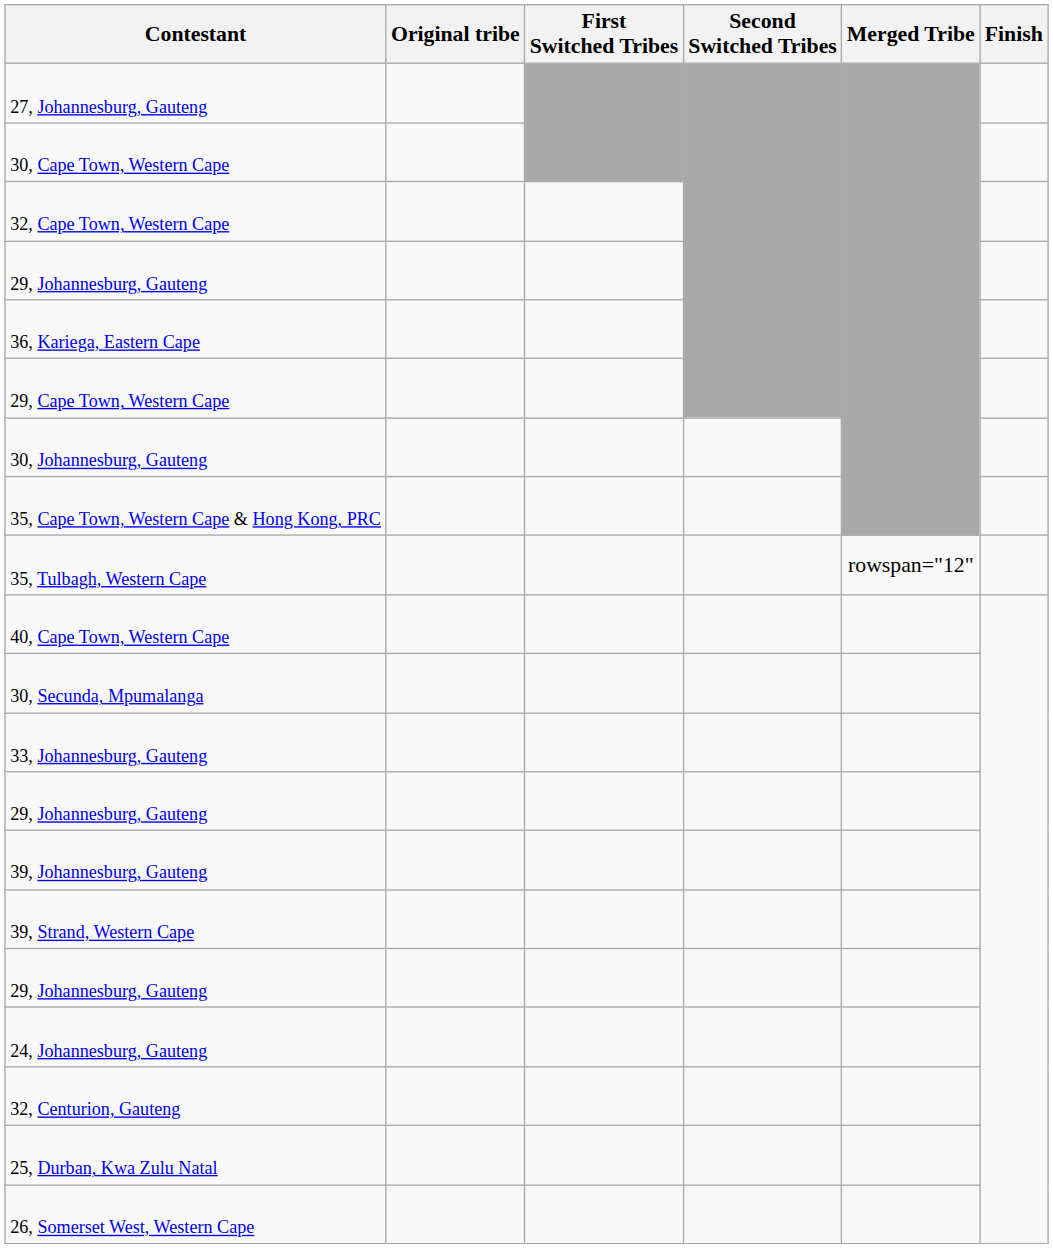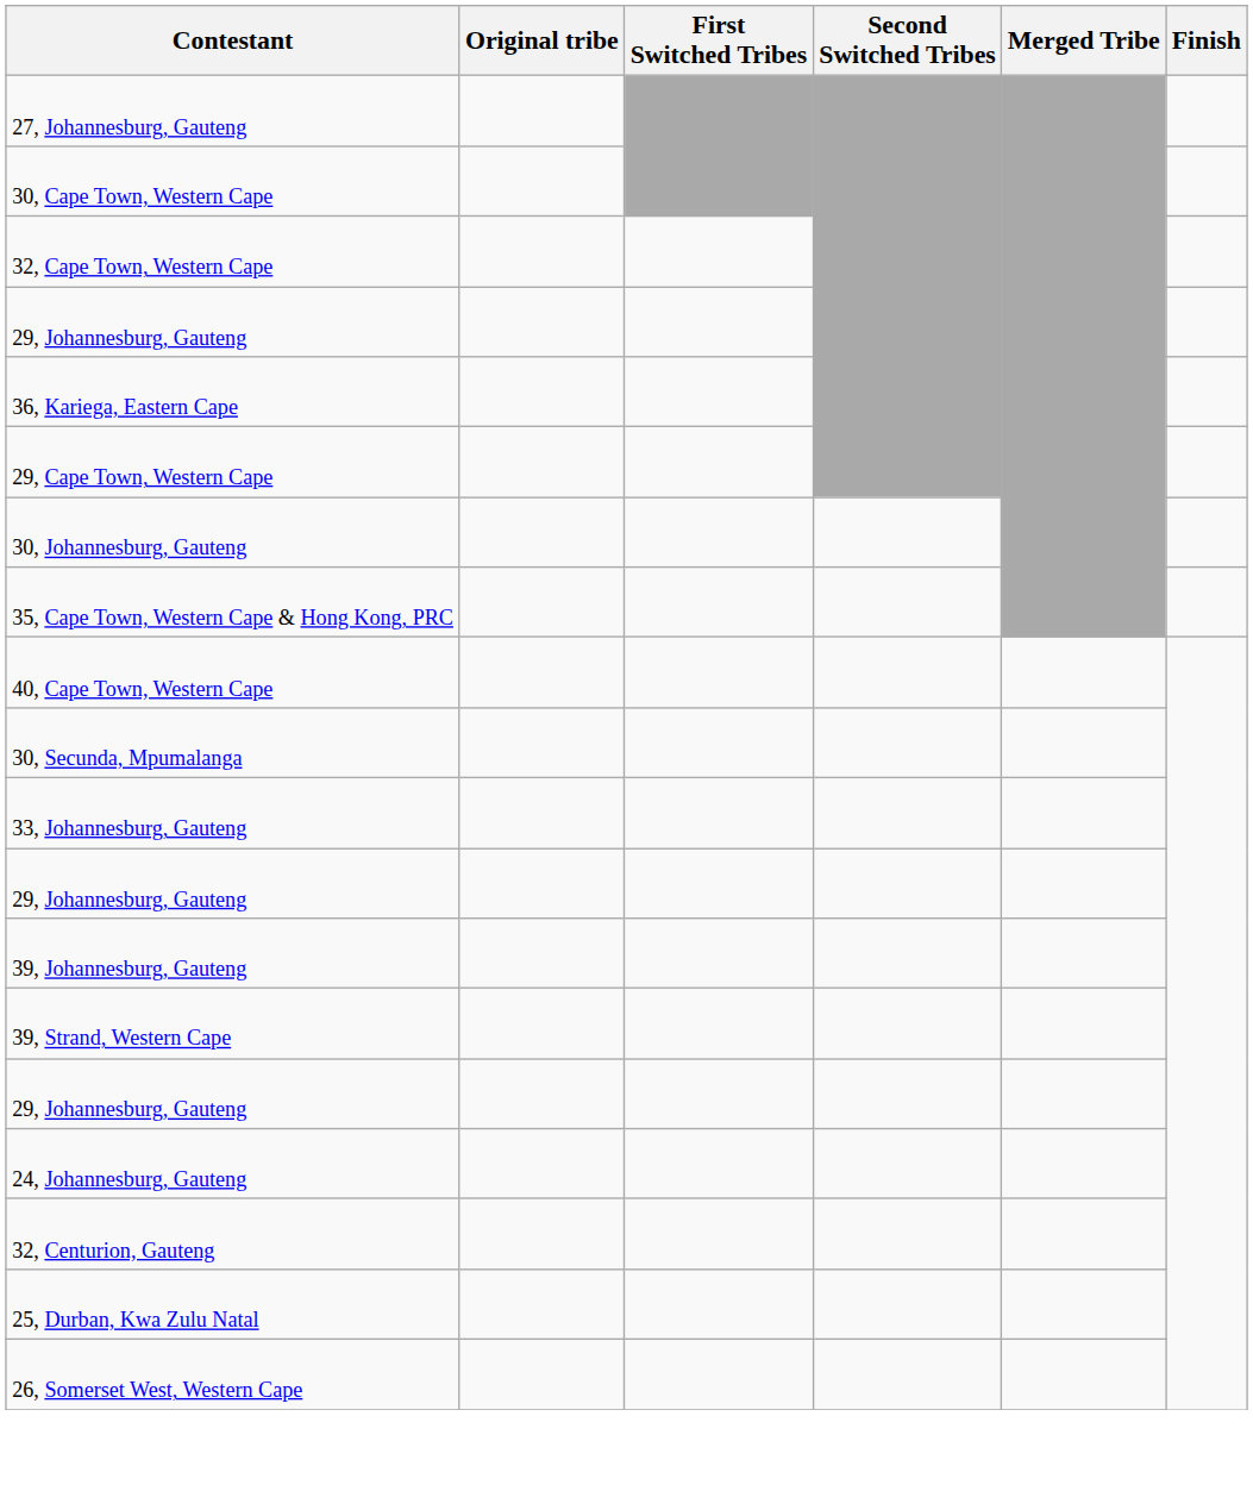 <table class="wikitable sortable nowrap" style="margin:auto; text-align:center">
 <tr>
 <th>Contestant</th>
 <th>Original tribe</th>
 <th>First<br>Switched Tribes</th>
 <th>Second<br>Switched Tribes</th>
 <th>Merged Tribe</th>
 <th>Finish</th>
 </tr>
 <tr>
 <td align="left"><strong></strong><br><small>27, <a href='#'>Johannesburg, Gauteng</a></small></td>
 <td></td>
 <td rowspan="2" bgcolor="darkgray"></td>
 <td rowspan="6" bgcolor="darkgray"></td>
 <td rowspan="8" bgcolor="darkgray"></td>
 <td></td>
 </tr>
 <tr>
 <td align="left"><strong></strong><br><small>30, <a href='#'>Cape Town, Western Cape</a></small></td>
 <td></td>
 <td></td>
 </tr>
 <tr>
 <td align="left"><strong></strong><br><small>32, <a href='#'>Cape Town, Western Cape</a></small></td>
 <td></td>
 <td></td>
 <td></td>
 </tr>
 <tr>
 <td align="left"><strong></strong><br><small>29, <a href='#'>Johannesburg, Gauteng</a></small></td>
 <td></td>
 <td></td>
 <td></td>
 </tr>
 <tr>
 <td align="left"><strong></strong><br><small>36, <a href='#'>Kariega, Eastern Cape</a></small></td>
 <td></td>
 <td></td>
 <td></td>
 </tr>
 <tr>
 <td align="left"><strong></strong><br><small>29, <a href='#'>Cape Town, Western Cape</a></small></td>
 <td></td>
 <td></td>
 <td></td>
 </tr>
 <tr>
 <td align="left"><strong></strong><br><small>30, <a href='#'>Johannesburg, Gauteng</a></small></td>
 <td></td>
 <td></td>
 <td></td>
 <td></td>
 </tr>
 <tr>
 <td align="left"><strong></strong><br><small>35, <a href='#'>Cape Town, Western Cape</a> & <a href='#'>Hong Kong, PRC</a></small></td>
 <td></td>
 <td></td>
 <td></td>
-<td></td>
-</tr>
-<tr>
-<td align="left"><strong></strong><br><small>35, <a href='#'>Tulbagh, Western Cape</a></small></td>
-<td></td>
-<td></td>
-<td></td>
-<td>rowspan="12" </td>
 <td></td>
 </tr>
 <tr>
 <td align="left"><strong></strong><br><small>40, <a href='#'>Cape Town, Western Cape</a></small></td>
 <td></td>
 <td></td>
 <td></td>
 <td></td>
 </tr>
 <tr>
 <td align="left"><strong></strong><br><small>30, <a href='#'>Secunda, Mpumalanga</a></small></td>
 <td></td>
 <td></td>
 <td></td>
 <td></td>
 </tr>
 <tr>
 <td align="left"><strong></strong><br><small>33, <a href='#'>Johannesburg, Gauteng</a></small></td>
 <td></td>
 <td></td>
 <td></td>
 <td></td>
 </tr>
 <tr>
 <td align="left"><strong></strong><br><small>29, <a href='#'>Johannesburg, Gauteng</a></small></td>
 <td></td>
 <td></td>
 <td></td>
 <td></td>
 </tr>
 <tr>
 <td align="left"><strong></strong><br><small>39, <a href='#'>Johannesburg, Gauteng</a></small></td>
 <td></td>
 <td></td>
 <td></td>
 <td></td>
 </tr>
 <tr>
 <td align="left"><strong></strong><br><small>39, <a href='#'>Strand, Western Cape</a></small></td>
 <td></td>
 <td></td>
 <td></td>
 <td></td>
 </tr>
 <tr>
 <td align="left"><strong></strong><br><small>29, <a href='#'>Johannesburg, Gauteng</a></small></td>
 <td></td>
 <td></td>
 <td></td>
 <td></td>
 </tr>
 <tr>
 <td align="left"><strong></strong><br><small>24, <a href='#'>Johannesburg, Gauteng</a></small></td>
 <td></td>
 <td></td>
 <td></td>
 <td></td>
 </tr>
 <tr>
 <td align="left"><strong></strong><br><small>32, <a href='#'>Centurion, Gauteng</a></small></td>
 <td></td>
 <td></td>
 <td></td>
 <td></td>
 </tr>
 <tr>
 <td align="left"><strong></strong><br><small>25, <a href='#'>Durban, Kwa Zulu Natal</a></small></td>
 <td></td>
 <td></td>
 <td></td>
 <td></td>
 </tr>
 <tr>
 <td align="left"><strong></strong><br><small>26, <a href='#'>Somerset West, Western Cape</a></small></td>
 <td></td>
 <td></td>
 <td></td>
 <td></td>
 </tr>
 <tr>
 </tr>
 </table>
